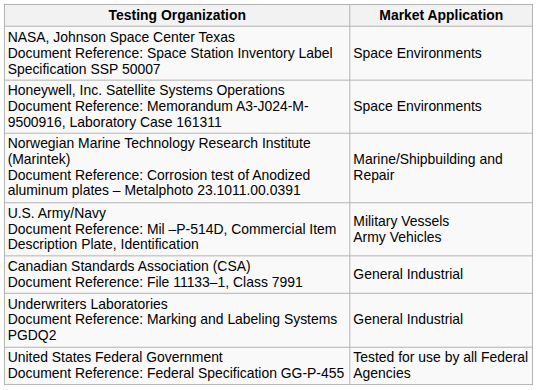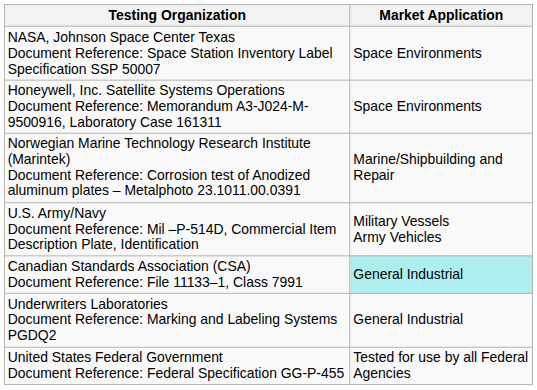 <table class="wikitable">
 <tr>
 <th>Testing Organization</th>
 <th>Market Application</th>
 </tr>
 <tr>
 <td>NASA, Johnson Space Center Texas<br>Document Reference:  Space Station Inventory Label Specification  SSP 50007</td>
 <td>Space Environments</td>
 </tr>
 <tr>
 <td>Honeywell, Inc. Satellite Systems Operations<br>Document Reference:  Memorandum A3-J024-M-9500916, Laboratory Case 161311</td>
 <td>Space Environments</td>
 </tr>
 <tr>
 <td>Norwegian Marine Technology  Research Institute (Marintek)<br>Document Reference: Corrosion test of Anodized aluminum plates – Metalphoto 23.1011.00.0391</td>
 <td>Marine/Shipbuilding and Repair</td>
 </tr>
 <tr>
 <td>U.S. Army/Navy<br>Document Reference:  Mil –P-514D, Commercial Item Description Plate, Identification</td>
 <td>Military Vessels<br>Army Vehicles</td>
 </tr>
 <tr>
 <td>Canadian Standards Association (CSA)<br>Document Reference: File 11133–1, Class 7991</td>
-<td>General Industrial</td>
+<td style="background: paleturquoise;">General Industrial</td>
 </tr>
 <tr>
 <td>Underwriters Laboratories<br>Document Reference: Marking and Labeling Systems PGDQ2</td>
 <td>General Industrial</td>
 </tr>
 <tr>
 <td>United States Federal Government<br>Document Reference: Federal Specification GG-P-455</td>
 <td>Tested for use by all Federal Agencies</td>
 </tr>
 </table>
